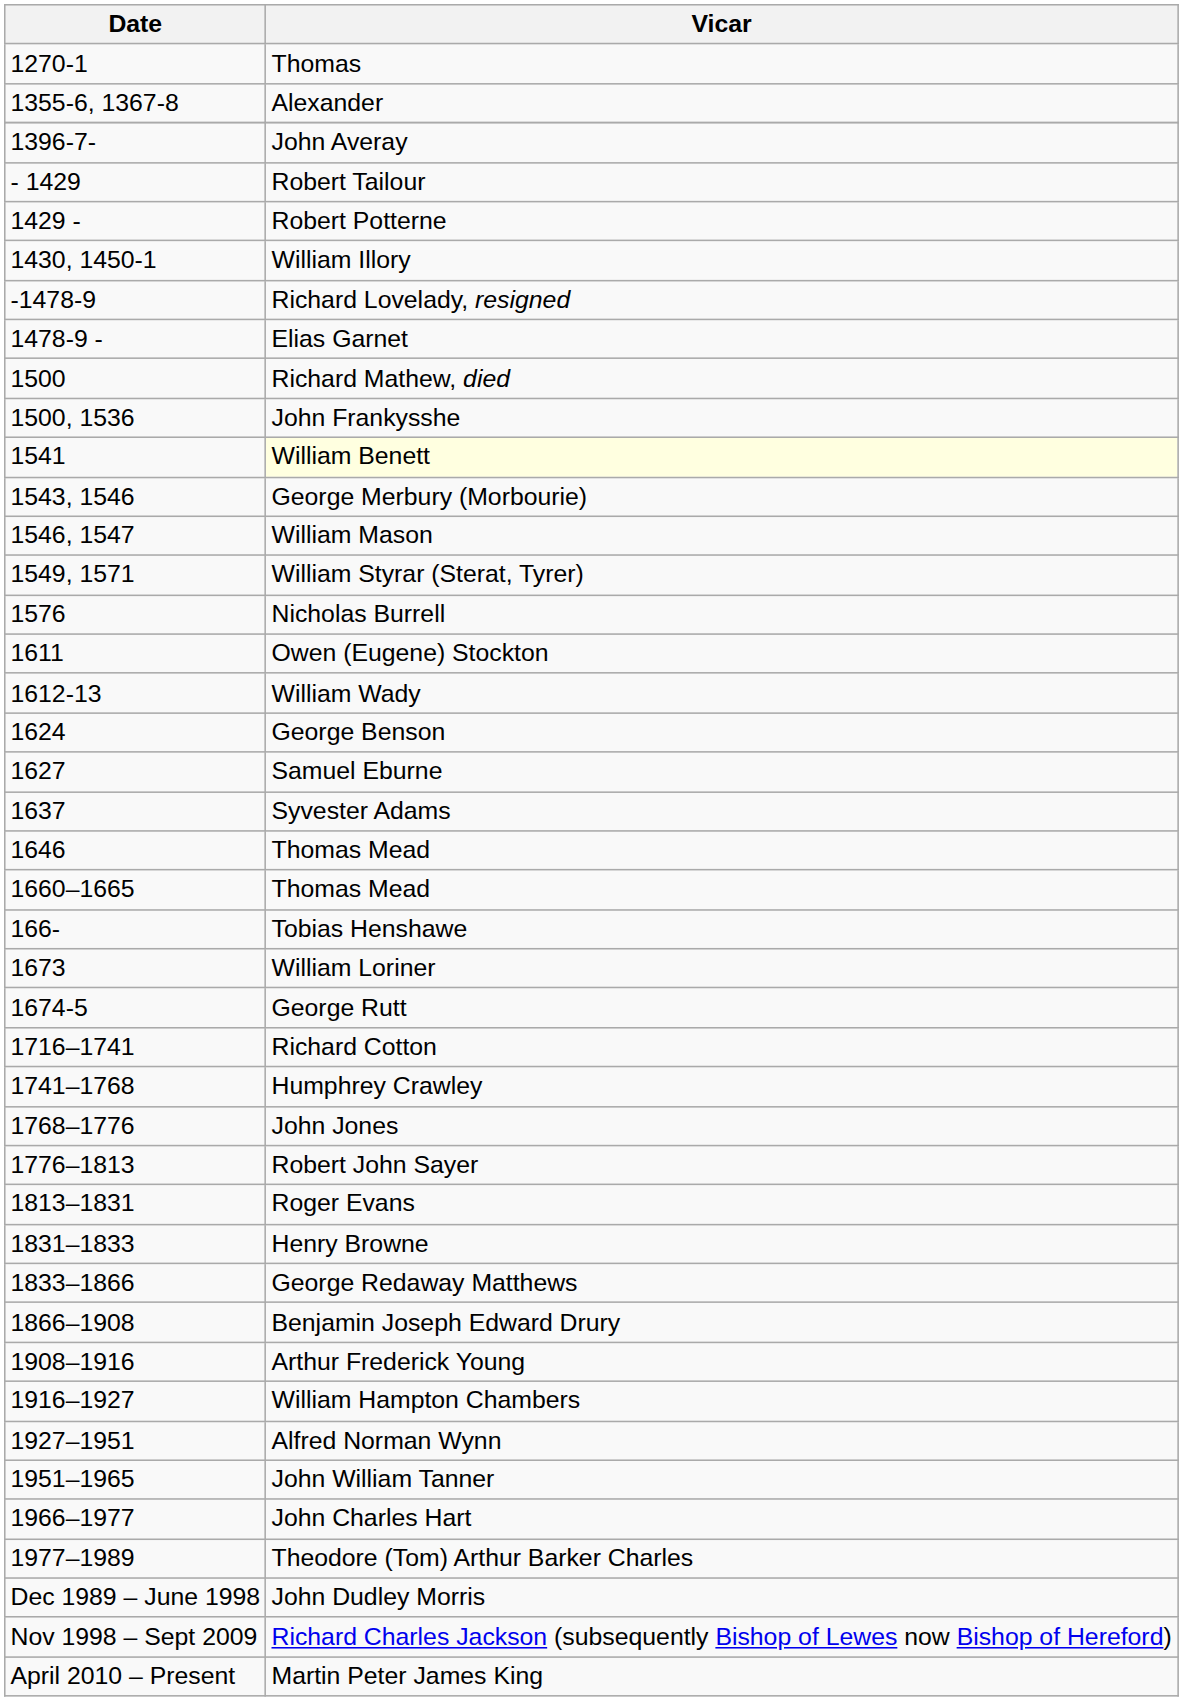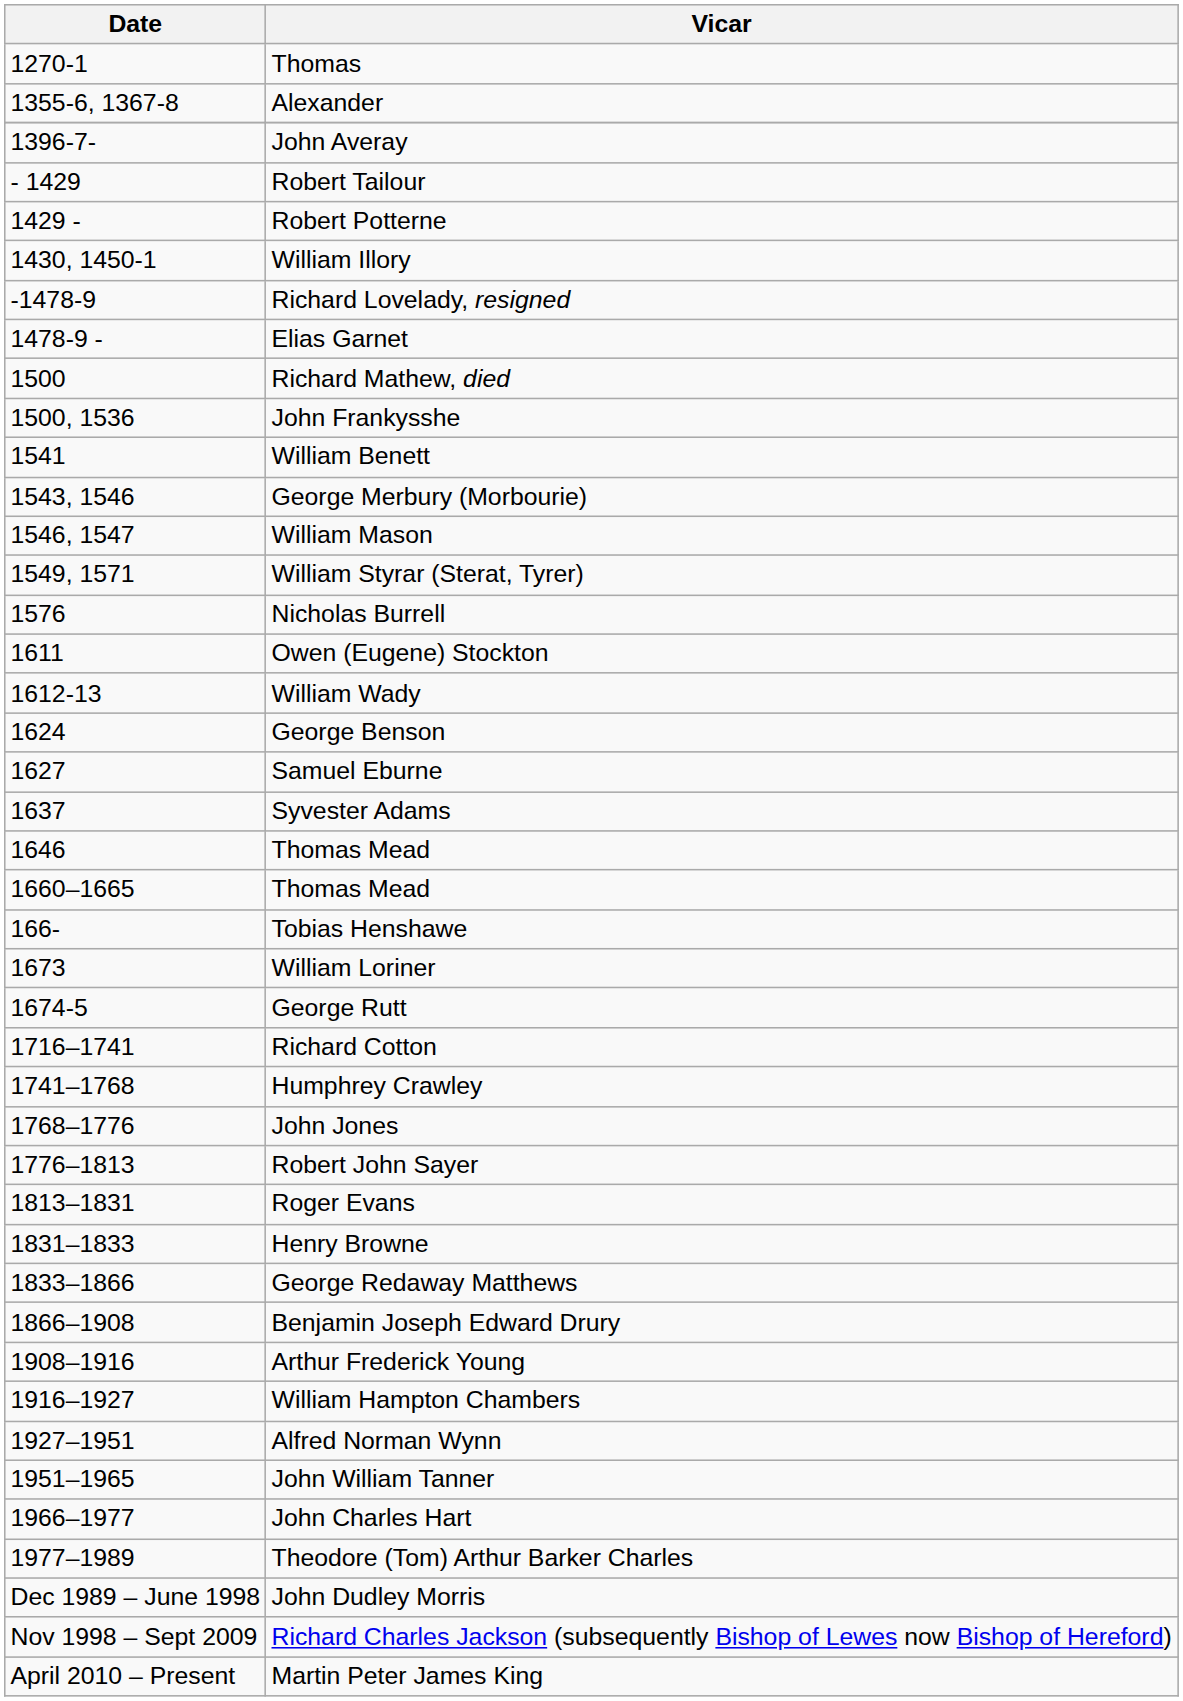 <table class="wikitable">
 <tr>
 <th>Date</th>
 <th>Vicar</th>
 </tr>
 <tr>
 <td>1270-1</td>
 <td>Thomas</td>
 </tr>
 <tr>
 <td>1355-6, 1367-8</td>
 <td>Alexander</td>
 </tr>
 <tr>
 </tr>
 <tr 1396-7 || John Breton>
 </tr>
 <tr>
 <td>1396-7-</td>
 <td>John Averay</td>
 </tr>
 <tr>
 <td>- 1429</td>
 <td>Robert Tailour</td>
 </tr>
 <tr>
 <td>1429 -</td>
 <td>Robert Potterne</td>
 </tr>
 <tr>
 <td>1430, 1450-1</td>
 <td>William Illory</td>
 </tr>
 <tr>
 <td>-1478-9</td>
 <td>Richard Lovelady, <em>resigned</em></td>
 </tr>
 <tr>
 <td>1478-9 -</td>
 <td>Elias Garnet</td>
 </tr>
 <tr>
 <td>1500</td>
 <td>Richard Mathew, <em>died</em></td>
 </tr>
 <tr>
 <td>1500, 1536</td>
 <td>John Frankysshe</td>
 </tr>
 <tr>
 <td>1541</td>
-<td style="background: lightyellow;">William Benett</td>
+<td>William Benett</td>
 </tr>
 <tr>
 <td>1543, 1546</td>
 <td>George Merbury (Morbourie)</td>
 </tr>
 <tr>
 <td>1546, 1547</td>
 <td>William Mason</td>
 </tr>
 <tr>
 <td>1549, 1571</td>
 <td>William Styrar (Sterat, Tyrer)</td>
 </tr>
 <tr>
 <td>1576</td>
 <td>Nicholas Burrell</td>
 </tr>
 <tr>
 <td>1611</td>
 <td>Owen (Eugene) Stockton</td>
 </tr>
 <tr>
 <td>1612-13</td>
 <td>William Wady</td>
 </tr>
 <tr>
 <td>1624</td>
 <td>George Benson</td>
 </tr>
 <tr>
 <td>1627</td>
 <td>Samuel Eburne</td>
 </tr>
 <tr>
 <td>1637</td>
 <td>Syvester Adams</td>
 </tr>
 <tr>
 <td>1646</td>
 <td>Thomas Mead</td>
 </tr>
 <tr>
 <td>1660–1665</td>
 <td>Thomas Mead</td>
 </tr>
 <tr>
 <td>166-</td>
 <td>Tobias Henshawe</td>
 </tr>
 <tr>
 <td>1673</td>
 <td>William Loriner</td>
 </tr>
 <tr>
 <td>1674-5</td>
 <td>George Rutt</td>
 </tr>
 <tr>
 <td>1716–1741</td>
 <td>Richard Cotton</td>
 </tr>
 <tr>
 <td>1741–1768</td>
 <td>Humphrey Crawley</td>
 </tr>
 <tr>
 <td>1768–1776</td>
 <td>John Jones</td>
 </tr>
 <tr>
 <td>1776–1813</td>
 <td>Robert John Sayer</td>
 </tr>
 <tr>
 <td>1813–1831</td>
 <td>Roger Evans</td>
 </tr>
 <tr>
 <td>1831–1833</td>
 <td>Henry Browne</td>
 </tr>
 <tr>
 <td>1833–1866</td>
 <td>George Redaway Matthews</td>
 </tr>
 <tr>
 <td>1866–1908</td>
 <td>Benjamin Joseph Edward Drury</td>
 </tr>
 <tr>
 <td>1908–1916</td>
 <td>Arthur Frederick Young</td>
 </tr>
 <tr>
 <td>1916–1927</td>
 <td>William Hampton Chambers</td>
 </tr>
 <tr>
 <td>1927–1951</td>
 <td>Alfred Norman Wynn</td>
 </tr>
 <tr>
 <td>1951–1965</td>
 <td>John William Tanner</td>
 </tr>
 <tr>
 <td>1966–1977</td>
 <td>John Charles Hart</td>
 </tr>
 <tr>
 <td>1977–1989</td>
 <td>Theodore (Tom) Arthur Barker Charles</td>
 </tr>
 <tr>
 <td>Dec 1989 – June 1998</td>
 <td>John Dudley Morris</td>
 </tr>
 <tr>
 <td>Nov 1998 – Sept 2009</td>
 <td><a href='#'>Richard Charles Jackson</a> (subsequently <a href='#'>Bishop of Lewes</a> now  <a href='#'>Bishop of Hereford</a>)</td>
 </tr>
 <tr>
 <td>April 2010 – Present</td>
 <td>Martin Peter James King</td>
 </tr>
 </table>
